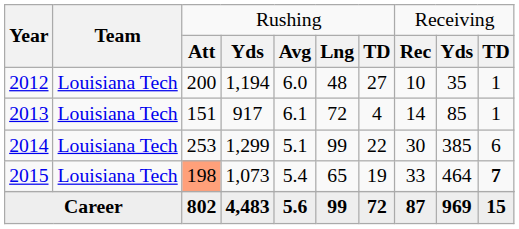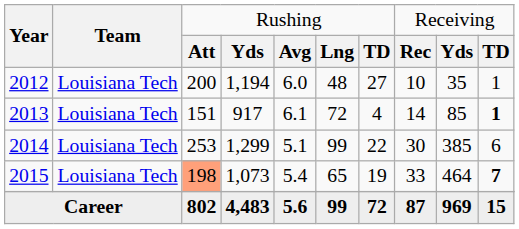 <table class="wikitable" style="text-align:center;">
 <tr>
 <th rowspan="2">Year</th>
 <th rowspan="2">Team</th>
 <td colspan="5">Rushing</td>
 <td colspan="3">Receiving</td>
 </tr>
 <tr>
 <th>Att</th>
 <th>Yds</th>
 <th>Avg</th>
 <th>Lng</th>
 <th>TD</th>
 <th>Rec</th>
 <th>Yds</th>
 <th>TD</th>
 </tr>
 <tr>
 <td><a href='#'>2012</a></td>
 <td><a href='#'>Louisiana Tech</a></td>
 <td>200</td>
 <td>1,194</td>
 <td>6.0</td>
 <td>48</td>
 <td>27</td>
 <td>10</td>
 <td>35</td>
 <td>1</td>
 </tr>
 <tr>
 <td><a href='#'>2013</a></td>
 <td><a href='#'>Louisiana Tech</a></td>
 <td>151</td>
 <td>917</td>
 <td>6.1</td>
 <td>72</td>
 <td>4</td>
 <td>14</td>
 <td>85</td>
-<td>1</td>
+<td><strong>1</strong></td>
 </tr>
 <tr>
 <td><a href='#'>2014</a></td>
 <td><a href='#'>Louisiana Tech</a></td>
 <td>253</td>
 <td>1,299</td>
 <td>5.1</td>
 <td>99</td>
 <td>22</td>
 <td>30</td>
 <td>385</td>
 <td>6</td>
 </tr>
 <tr>
 <td><a href='#'>2015</a></td>
 <td><a href='#'>Louisiana Tech</a></td>
 <td style="background: lightsalmon;">198</td>
 <td>1,073</td>
 <td>5.4</td>
 <td>65</td>
 <td>19</td>
 <td>33</td>
 <td>464</td>
 <td><strong>7</strong></td>
 </tr>
 <tr>
 </tr>
 <tr style="background:#eee; font-weight:bold; color:black;">
 <td colspan=2>Career</td>
 <td>802</td>
 <td>4,483</td>
 <td>5.6</td>
 <td>99</td>
 <td>72</td>
 <td>87</td>
 <td>969</td>
 <td>15</td>
 </tr>
 </table>
